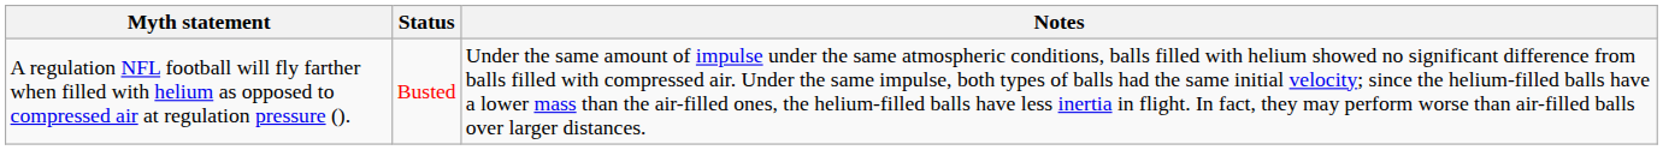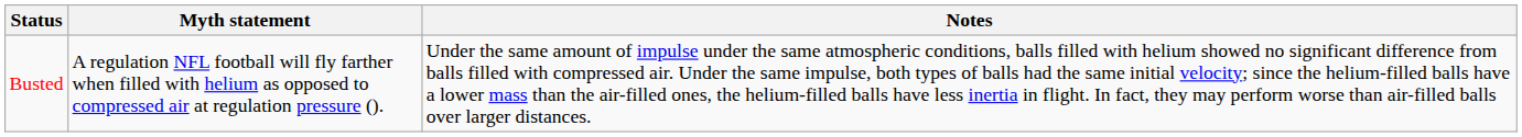 <table class="wikitable plainrowheaders">
 <tr>
+<th>Status</th>
 <th>Myth statement</th>
-<th>Status</th>
 <th>Notes</th>
 </tr>
 <tr>
+<td style="color:red">Busted</td>
 <td>A regulation <a href='#'>NFL</a> football will fly farther when filled with <a href='#'>helium</a> as opposed to <a href='#'>compressed air</a> at regulation <a href='#'>pressure</a> ().</td>
-<td style="color:red">Busted</td>
 <td>Under the same amount of <a href='#'>impulse</a> under the same atmospheric conditions, balls filled with helium showed no significant difference from balls filled with compressed air. Under the same impulse, both types of balls had the same initial <a href='#'>velocity</a>; since the helium-filled balls have a lower <a href='#'>mass</a> than the air-filled ones, the helium-filled balls have less <a href='#'>inertia</a> in flight. In fact, they may perform worse than air-filled balls over larger distances.</td>
 </tr>
 </table>
